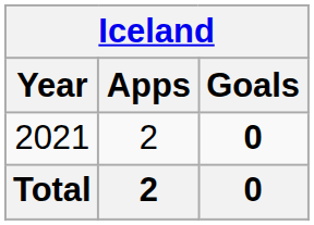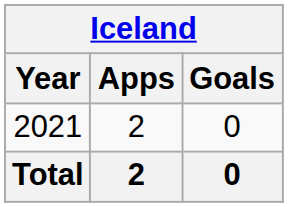 <table class="wikitable" style="text-align:center">
 <tr>
 <th colspan=3><a href='#'>Iceland</a></th>
 </tr>
 <tr>
 <th>Year</th>
 <th>Apps</th>
 <th>Goals</th>
 </tr>
 <tr>
 <td>2021</td>
 <td>2</td>
-<td><strong>0</strong></td>
+<td>0</td>
 </tr>
 <tr>
 <th>Total</th>
 <th>2</th>
 <th>0</th>
 </tr>
 </table>
